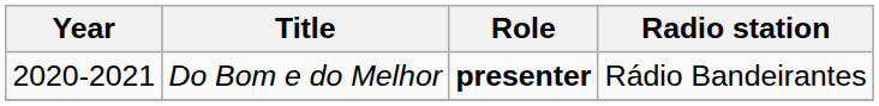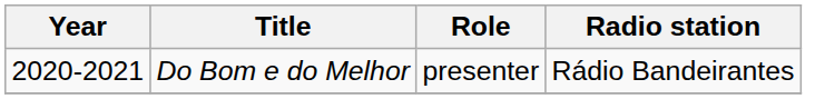 <table class="wikitable">
 <tr>
 <th>Year</th>
 <th>Title</th>
 <th>Role</th>
 <th>Radio station</th>
 </tr>
 <tr>
 <td>2020-2021</td>
 <td><em>Do Bom e do Melhor</em> </td>
-<td><strong>presenter</strong></td>
+<td>presenter</td>
 <td>Rádio Bandeirantes</td>
 </tr>
 <tr>
 </tr>
 </table>
